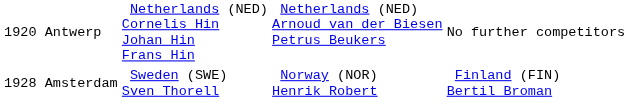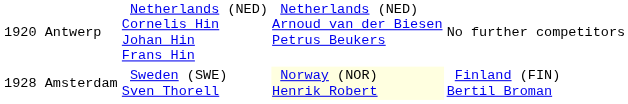 <table>
 <tr>
 <td style="align:center;">1920 Antwerp <br></td>
 <td style="vertical-align:top;"> <a href='#'>Netherlands</a> <span>(NED)</span><br><a href='#'>Cornelis Hin</a><br><a href='#'>Johan Hin</a><br><a href='#'>Frans Hin</a></td>
 <td style="vertical-align:top;"> <a href='#'>Netherlands</a> <span>(NED)</span><br><a href='#'>Arnoud van der Biesen</a><br><a href='#'>Petrus Beukers</a></td>
 <td>No further competitors</td>
 </tr>
 <tr>
 <td style="align:center;">1928 Amsterdam <br></td>
 <td style="vertical-align:top;"> <a href='#'>Sweden</a> <span>(SWE)</span><br><a href='#'>Sven Thorell</a></td>
-<td style="vertical-align:top;"> <a href='#'>Norway</a> <span>(NOR)</span><br><a href='#'>Henrik Robert</a></td>
+<td style="background: lightyellow; vertical-align:top;"> <a href='#'>Norway</a> <span>(NOR)</span><br><a href='#'>Henrik Robert</a></td>
 <td style="vertical-align:top;"> <a href='#'>Finland</a> <span>(FIN)</span><br><a href='#'>Bertil Broman</a></td>
 </tr>
 </table>
